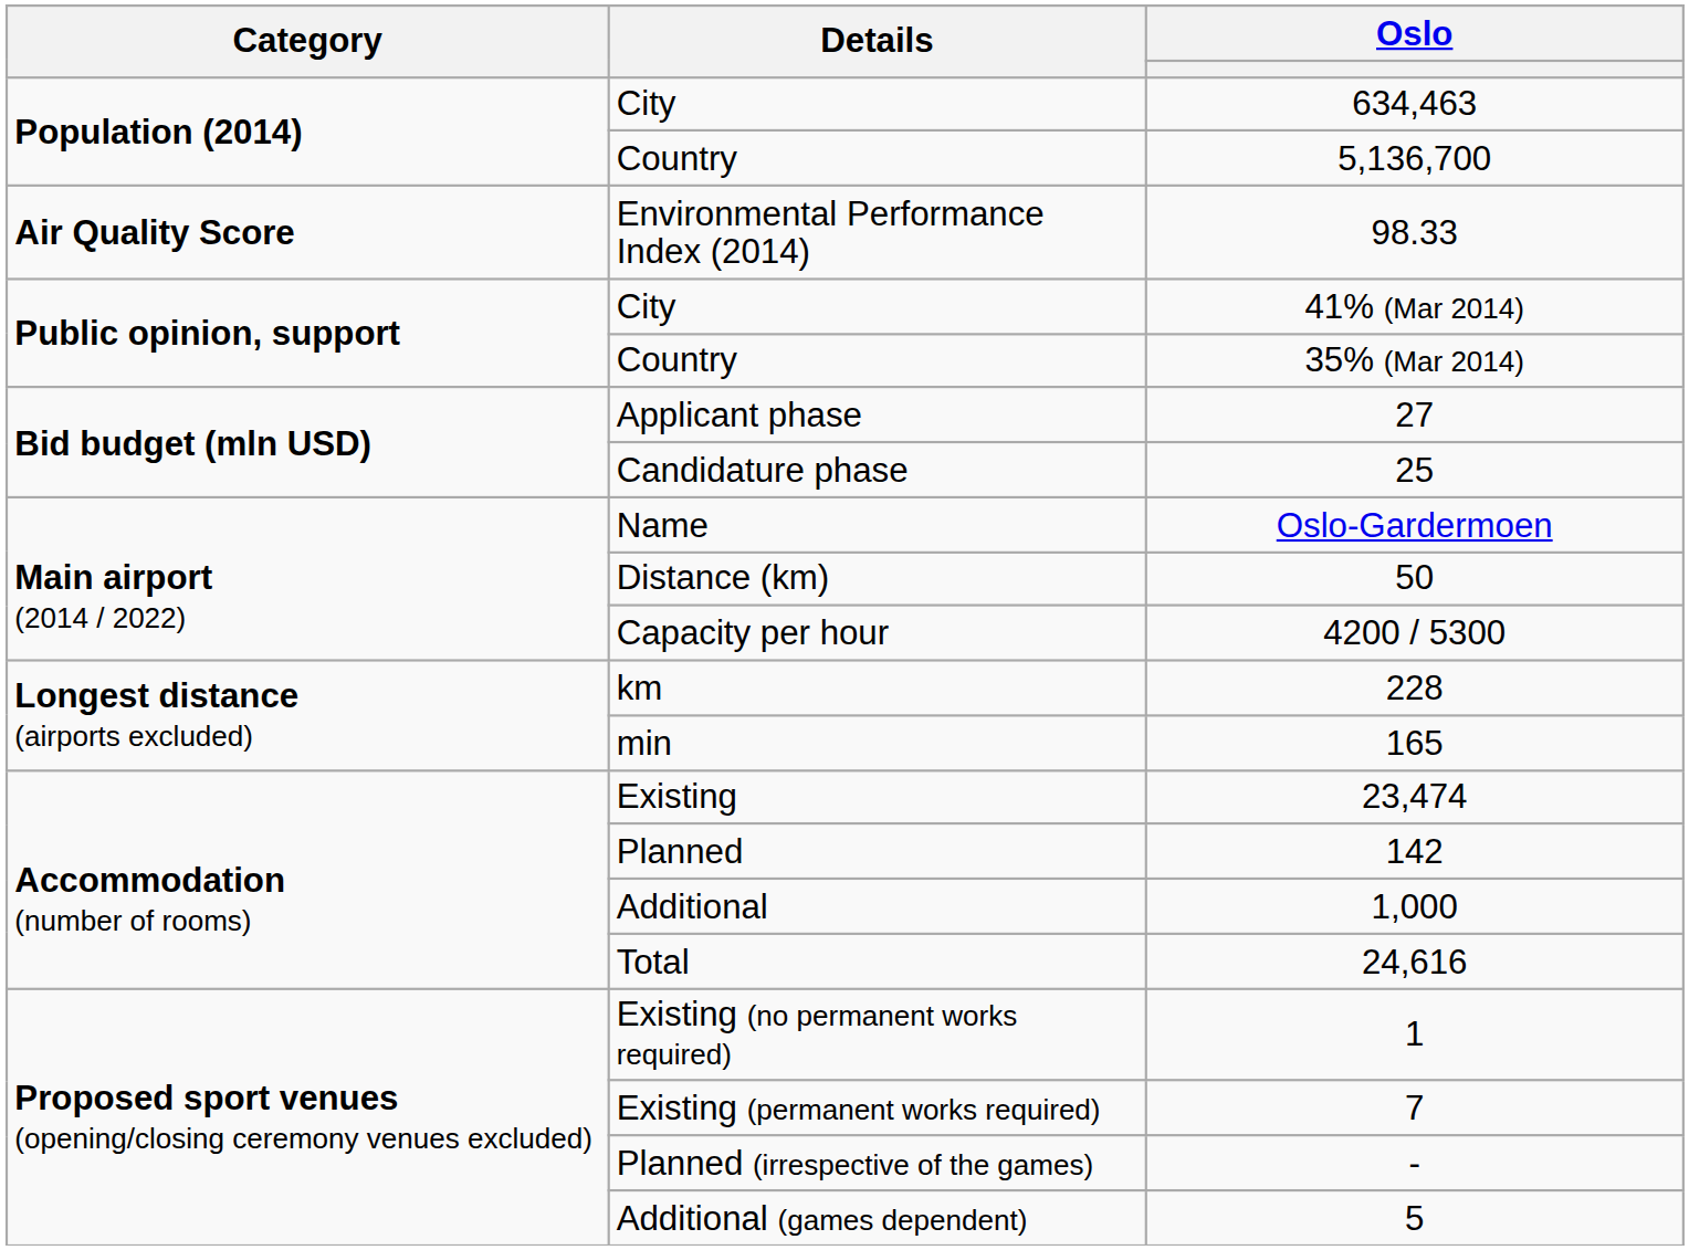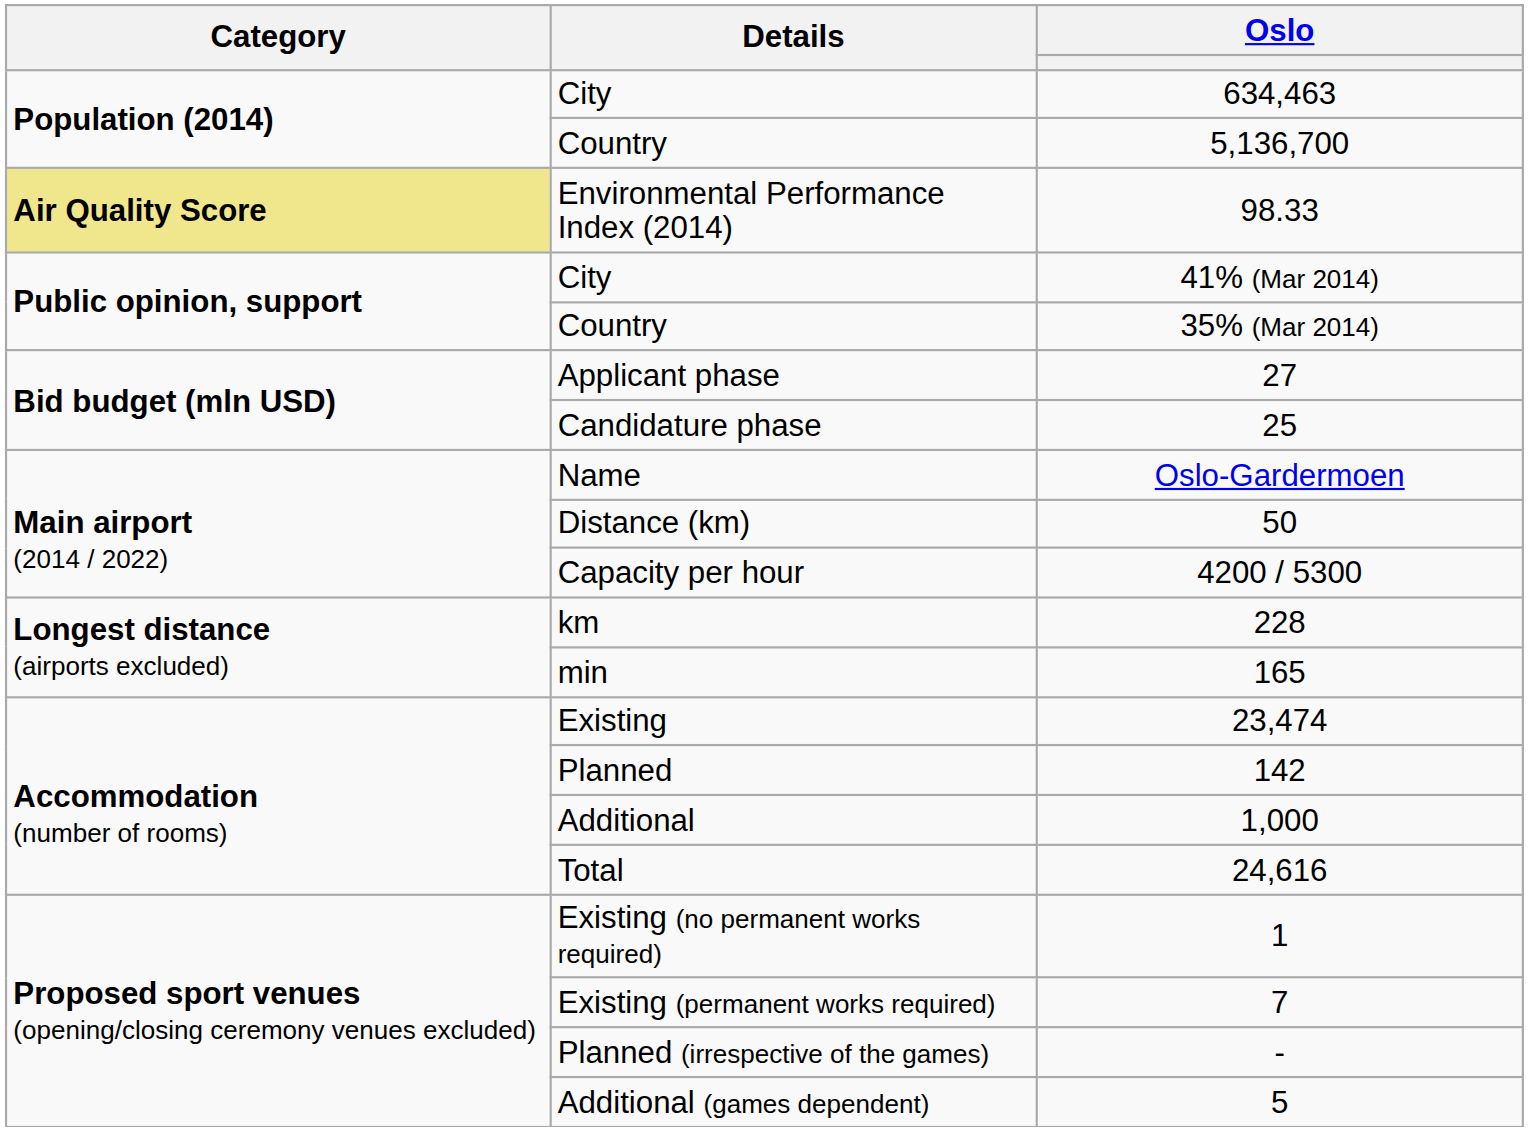 <table class="wikitable" style="margin:1em auto; width: 700px; text-align:center; font-size:90%">
 <tr>
 <th width="100px" rowspan="2">Category</th>
 <th width="100px" rowspan="2">Details</th>
 <th width="100px" valign="bottom"><a href='#'>Oslo</a></th>
 </tr>
 <tr>
 <th></th>
 </tr>
 <tr>
 <td align="left" width="100px" rowspan="2"><strong>Population (2014)</strong></td>
 <td align="left" width="100px">City</td>
 <td width="100px" valign="bottom">634,463</td>
 </tr>
 <tr>
 <td align="left" width="100px">Country</td>
 <td width="100px" valign="bottom">5,136,700</td>
 </tr>
 <tr>
-<td align="left" width="100px" rowspan="1"><strong>Air Quality Score</strong></td>
+<td align="left" width="100px" rowspan="1" style="background: khaki;"><strong>Air Quality Score</strong></td>
 <td align="left" width="100px">Environmental Performance Index (2014)</td>
 <td width="100px" valign="centre">98.33</td>
 </tr>
 <tr>
 <td align="left" width="100px" rowspan="2"><strong>Public opinion, support</strong></td>
 <td align="left" width="100px">City</td>
 <td width="100px" valign="bottom">41% <small>(Mar 2014)</small></td>
 </tr>
 <tr>
 <td align="left" width="100px">Country</td>
 <td width="100px" valign="bottom">35% <small>(Mar 2014)</small></td>
 </tr>
 <tr>
 <td align="left" width="100px" rowspan="2"><strong>Bid budget (mln USD)</strong></td>
 <td align="left" width="100px">Applicant phase</td>
 <td width="100px" valign="bottom">27</td>
 </tr>
 <tr>
 <td align="left" width="100px">Candidature phase</td>
 <td width="100px" valign="bottom">25</td>
 </tr>
 <tr>
 <td align="left" width="100px" rowspan="3"><br><strong>Main airport</strong><br><small>(2014 / 2022)</small></td>
 <td align="left" width="100px">Name</td>
 <td width="100px" valign="bottom"><a href='#'>Oslo-Gardermoen</a></td>
 </tr>
 <tr>
 <td align="left" width="100px">Distance (km)</td>
 <td width="100px" valign="bottom">50</td>
 </tr>
 <tr>
 <td align="left" width="100px">Capacity per hour</td>
 <td width="100px" valign="bottom">4200 / 5300</td>
 </tr>
 <tr>
 <td align="left" width="100px" rowspan="2"><strong>Longest distance</strong><br><small>(airports excluded)</small></td>
 <td align="left" width="100px">km</td>
 <td width="100px" valign="bottom">228</td>
 </tr>
 <tr>
 <td align="left" width="100px">min</td>
 <td width="100px" valign="bottom">165</td>
 </tr>
 <tr>
 <td align="left" width="100px" rowspan="4"><br><strong>Accommodation</strong><br><small>(number of rooms)</small></td>
 <td align="left" width="100px">Existing</td>
 <td width="100px" valign="bottom">23,474</td>
 </tr>
 <tr>
 <td align="left" width="100px">Planned</td>
 <td width="100px" valign="bottom">142</td>
 </tr>
 <tr>
 <td align="left" width="100px">Additional</td>
 <td width="100px" valign="bottom">1,000</td>
 </tr>
 <tr>
 <td align="left" width="100px">Total</td>
 <td width="100px" valign="bottom">24,616</td>
 </tr>
 <tr>
 <td align="left" width="100px" rowspan="4"><strong>Proposed sport venues</strong><br> <small>(opening/closing ceremony venues excluded)</small></td>
 <td align="left" width="100px">Existing <small>(no permanent works required)</small></td>
 <td width="100px" valign="centre">1</td>
 </tr>
 <tr>
 <td align="left" width="100px">Existing <small>(permanent works required)</small></td>
 <td width="100px" valign="centre">7</td>
 </tr>
 <tr>
 <td align="left" width="100px">Planned <small>(irrespective of the games)</small></td>
 <td width="100px" valign="centre">-</td>
 </tr>
 <tr>
 <td align="left" width="100px">Additional <small>(games dependent)</small></td>
 <td width="100px" valign="centre">5</td>
 </tr>
 </table>
